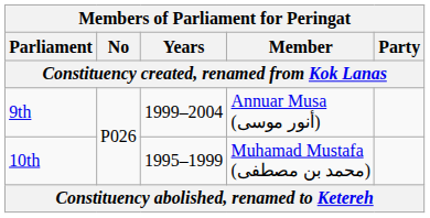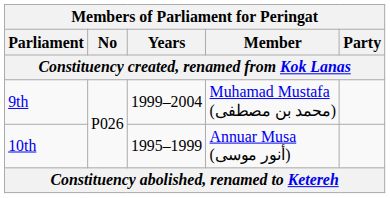 <table class=wikitable>
 <tr>
 <th colspan="5">Members of Parliament for Peringat</th>
 </tr>
 <tr>
 <th>Parliament</th>
 <th>No</th>
 <th>Years</th>
 <th>Member</th>
 <th>Party</th>
 </tr>
 <tr>
 <th colspan="5" align="center"><em>Constituency created, renamed from <a href='#'>Kok Lanas</a></em></th>
 </tr>
 <tr>
 <td><a href='#'>9th</a></td>
 <td rowspan="2">P026</td>
 <td>1999–2004</td>
-<td><a href='#'>Annuar Musa</a> <br>  (أنور موسى)</td>
+<td><a href='#'>Muhamad Mustafa</a> <br>  (محمد بن مصطفى)</td>
 <td></td>
 </tr>
 <tr>
 <td><a href='#'>10th</a></td>
 <td>1995–1999</td>
-<td><a href='#'>Muhamad Mustafa</a> <br>  (محمد بن مصطفى)</td>
+<td><a href='#'>Annuar Musa</a> <br>  (أنور موسى)</td>
 <td></td>
 </tr>
 <tr>
 <th colspan="5" align="center"><em>Constituency abolished, renamed to <a href='#'>Ketereh</a></em></th>
 </tr>
 </table>
